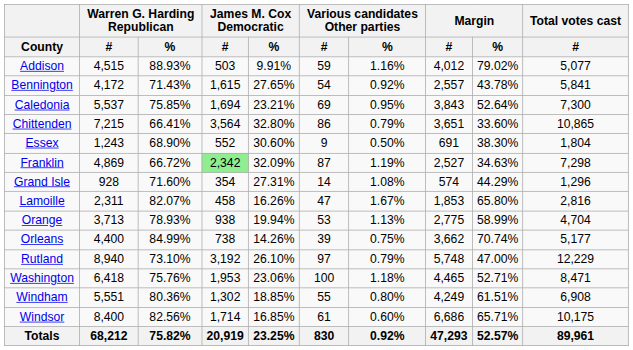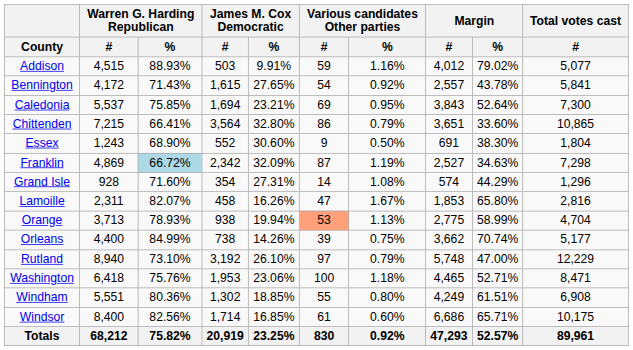 <table width="65%"  class="wikitable sortable" style="text-align:center">
 <tr>
 <th colspan=1></th>
 <th style="text-align:center;" colspan="2">Warren G. Harding<br>Republican</th>
 <th style="text-align:center;" colspan="2">James M. Cox<br>Democratic</th>
 <th style="text-align:center;" colspan="2">Various candidates<br>Other parties</th>
 <th style="text-align:center;" colspan="2">Margin</th>
 <th style="text-align:center;" colspan="1">Total votes cast</th>
 </tr>
 <tr>
 <th align=center>County</th>
 <th style="text-align:center;" data-sort-type="number">#</th>
 <th style="text-align:center;" data-sort-type="number">%</th>
 <th style="text-align:center;" data-sort-type="number">#</th>
 <th style="text-align:center;" data-sort-type="number">%</th>
 <th style="text-align:center;" data-sort-type="number">#</th>
 <th style="text-align:center;" data-sort-type="number">%</th>
 <th style="text-align:center;" data-sort-type="number">#</th>
 <th style="text-align:center;" data-sort-type="number">%</th>
 <th style="text-align:center;" data-sort-type="number">#</th>
 </tr>
 <tr style="text-align:center;">
 <td><a href='#'>Addison</a></td>
 <td>4,515</td>
 <td>88.93%</td>
 <td>503</td>
 <td>9.91%</td>
 <td>59</td>
 <td>1.16%</td>
 <td>4,012</td>
 <td>79.02%</td>
 <td>5,077</td>
 </tr>
 <tr style="text-align:center;">
 <td><a href='#'>Bennington</a></td>
 <td>4,172</td>
 <td>71.43%</td>
 <td>1,615</td>
 <td>27.65%</td>
 <td>54</td>
 <td>0.92%</td>
 <td>2,557</td>
 <td>43.78%</td>
 <td>5,841</td>
 </tr>
 <tr style="text-align:center;">
 <td><a href='#'>Caledonia</a></td>
 <td>5,537</td>
 <td>75.85%</td>
 <td>1,694</td>
 <td>23.21%</td>
 <td>69</td>
 <td>0.95%</td>
 <td>3,843</td>
 <td>52.64%</td>
 <td>7,300</td>
 </tr>
 <tr style="text-align:center;">
 <td><a href='#'>Chittenden</a></td>
 <td>7,215</td>
 <td>66.41%</td>
 <td>3,564</td>
 <td>32.80%</td>
 <td>86</td>
 <td>0.79%</td>
 <td>3,651</td>
 <td>33.60%</td>
 <td>10,865</td>
 </tr>
 <tr style="text-align:center;">
 <td><a href='#'>Essex</a></td>
 <td>1,243</td>
 <td>68.90%</td>
 <td>552</td>
 <td>30.60%</td>
 <td>9</td>
 <td>0.50%</td>
 <td>691</td>
 <td>38.30%</td>
 <td>1,804</td>
 </tr>
 <tr style="text-align:center;">
 <td><a href='#'>Franklin</a></td>
 <td>4,869</td>
-<td>66.72%</td>
-<td style="background: lightgreen;">2,342</td>
+<td style="background: lightblue;">66.72%</td>
+<td>2,342</td>
 <td>32.09%</td>
 <td>87</td>
 <td>1.19%</td>
 <td>2,527</td>
 <td>34.63%</td>
 <td>7,298</td>
 </tr>
 <tr style="text-align:center;">
 <td><a href='#'>Grand Isle</a></td>
 <td>928</td>
 <td>71.60%</td>
 <td>354</td>
 <td>27.31%</td>
 <td>14</td>
 <td>1.08%</td>
 <td>574</td>
 <td>44.29%</td>
 <td>1,296</td>
 </tr>
 <tr style="text-align:center;">
 <td><a href='#'>Lamoille</a></td>
 <td>2,311</td>
 <td>82.07%</td>
 <td>458</td>
 <td>16.26%</td>
 <td>47</td>
 <td>1.67%</td>
 <td>1,853</td>
 <td>65.80%</td>
 <td>2,816</td>
 </tr>
 <tr style="text-align:center;">
 <td><a href='#'>Orange</a></td>
 <td>3,713</td>
 <td>78.93%</td>
 <td>938</td>
 <td>19.94%</td>
-<td>53</td>
+<td style="background: lightsalmon;">53</td>
 <td>1.13%</td>
 <td>2,775</td>
 <td>58.99%</td>
 <td>4,704</td>
 </tr>
 <tr style="text-align:center;">
 <td><a href='#'>Orleans</a></td>
 <td>4,400</td>
 <td>84.99%</td>
 <td>738</td>
 <td>14.26%</td>
 <td>39</td>
 <td>0.75%</td>
 <td>3,662</td>
 <td>70.74%</td>
 <td>5,177</td>
 </tr>
 <tr style="text-align:center;">
 <td><a href='#'>Rutland</a></td>
 <td>8,940</td>
 <td>73.10%</td>
 <td>3,192</td>
 <td>26.10%</td>
 <td>97</td>
 <td>0.79%</td>
 <td>5,748</td>
 <td>47.00%</td>
 <td>12,229</td>
 </tr>
 <tr style="text-align:center;">
 <td><a href='#'>Washington</a></td>
 <td>6,418</td>
 <td>75.76%</td>
 <td>1,953</td>
 <td>23.06%</td>
 <td>100</td>
 <td>1.18%</td>
 <td>4,465</td>
 <td>52.71%</td>
 <td>8,471</td>
 </tr>
 <tr style="text-align:center;">
 <td><a href='#'>Windham</a></td>
 <td>5,551</td>
 <td>80.36%</td>
 <td>1,302</td>
 <td>18.85%</td>
 <td>55</td>
 <td>0.80%</td>
 <td>4,249</td>
 <td>61.51%</td>
 <td>6,908</td>
 </tr>
 <tr style="text-align:center;">
 <td><a href='#'>Windsor</a></td>
 <td>8,400</td>
 <td>82.56%</td>
 <td>1,714</td>
 <td>16.85%</td>
 <td>61</td>
 <td>0.60%</td>
 <td>6,686</td>
 <td>65.71%</td>
 <td>10,175</td>
 </tr>
 <tr style="text-align:center;">
 <th>Totals</th>
 <th>68,212</th>
 <th>75.82%</th>
 <th>20,919</th>
 <th>23.25%</th>
 <th>830</th>
 <th>0.92%</th>
 <th>47,293</th>
 <th>52.57%</th>
 <th>89,961</th>
 </tr>
 </table>
